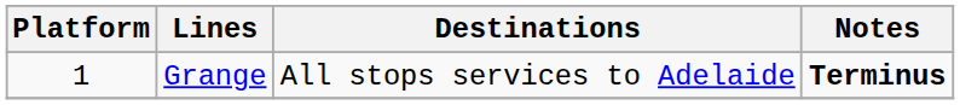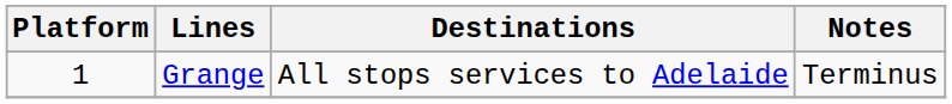 <table class="wikitable" style="float: none; margin: 0.5em; ">
 <tr>
 <th>Platform</th>
 <th>Lines</th>
 <th>Destinations</th>
 <th>Notes</th>
 </tr>
 <tr>
 <td rowspan="1" style="text-align:center;">1</td>
 <td style="background:#"><a href='#'><span>Grange</span></a></td>
 <td>All stops services to <a href='#'>Adelaide</a></td>
-<td><strong>Terminus</strong></td>
+<td>Terminus</td>
 </tr>
 <tr>
 </tr>
 </table>
